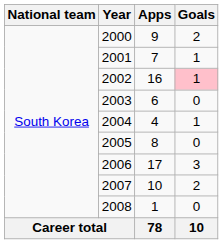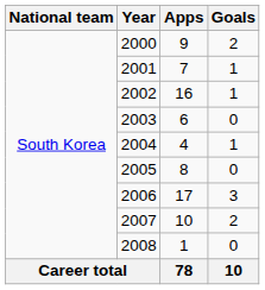 <table class="wikitable" style="text-align:center">
 <tr>
 <th>National team</th>
 <th>Year</th>
 <th>Apps</th>
 <th>Goals</th>
 </tr>
 <tr>
 <td rowspan="9"><a href='#'>South Korea</a></td>
 <td>2000</td>
 <td>9</td>
 <td>2</td>
 </tr>
 <tr>
 <td>2001</td>
 <td>7</td>
 <td>1</td>
 </tr>
 <tr>
 <td>2002</td>
 <td>16</td>
-<td style="background: pink;">1</td>
+<td>1</td>
 </tr>
 <tr>
 <td>2003</td>
 <td>6</td>
 <td>0</td>
 </tr>
 <tr>
 <td>2004</td>
 <td>4</td>
 <td>1</td>
 </tr>
 <tr>
 <td>2005</td>
 <td>8</td>
 <td>0</td>
 </tr>
 <tr>
 <td>2006</td>
 <td>17</td>
 <td>3</td>
 </tr>
 <tr>
 <td>2007</td>
 <td>10</td>
 <td>2</td>
 </tr>
 <tr>
 <td>2008</td>
 <td>1</td>
 <td>0</td>
 </tr>
 <tr>
 <th colspan="2">Career total</th>
 <th>78</th>
 <th>10</th>
 </tr>
 </table>
